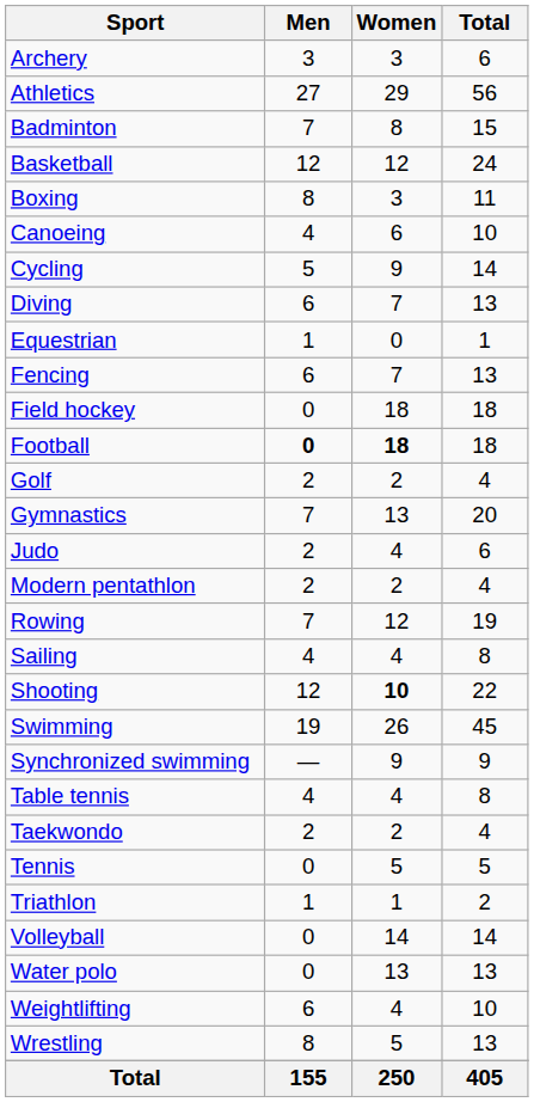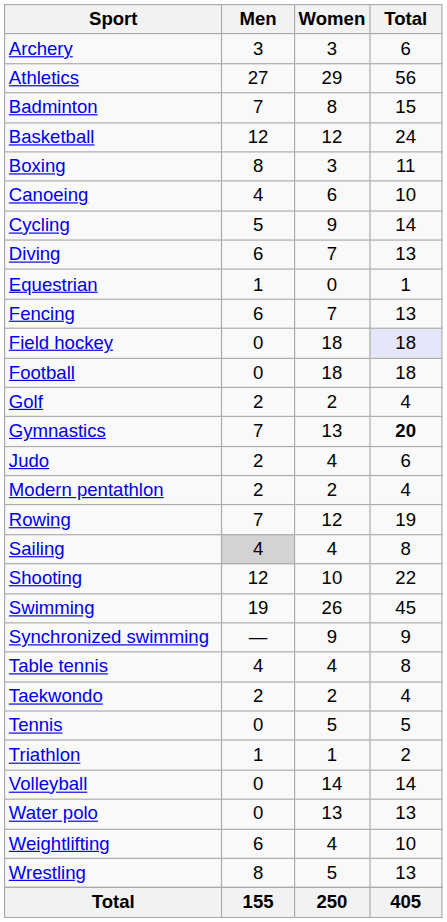 <table class="wikitable sortable" style="text-align:center;">
 <tr>
 <th width=180>Sport</th>
 <th width=55>Men</th>
 <th width=55>Women</th>
 <th width=55>Total</th>
 </tr>
 <tr>
 <td align=left><a href='#'>Archery</a></td>
 <td>3</td>
 <td>3</td>
 <td>6</td>
 </tr>
 <tr>
 <td align=left><a href='#'>Athletics</a></td>
 <td>27</td>
 <td>29</td>
 <td>56</td>
 </tr>
 <tr>
 <td align=left><a href='#'>Badminton</a></td>
 <td>7</td>
 <td>8</td>
 <td>15</td>
 </tr>
 <tr>
 <td align=left><a href='#'>Basketball</a></td>
 <td>12</td>
 <td>12</td>
 <td>24</td>
 </tr>
 <tr>
 <td align=left><a href='#'>Boxing</a></td>
 <td>8</td>
 <td>3</td>
 <td>11</td>
 </tr>
 <tr>
 <td align=left><a href='#'>Canoeing</a></td>
 <td>4</td>
 <td>6</td>
 <td>10</td>
 </tr>
 <tr>
 <td align=left><a href='#'>Cycling</a></td>
 <td>5</td>
 <td>9</td>
 <td>14</td>
 </tr>
 <tr>
 <td align=left><a href='#'>Diving</a></td>
 <td>6</td>
 <td>7</td>
 <td>13</td>
 </tr>
 <tr>
 <td align=left><a href='#'>Equestrian</a></td>
 <td>1</td>
 <td>0</td>
 <td>1</td>
 </tr>
 <tr>
 <td align=left><a href='#'>Fencing</a></td>
 <td>6</td>
 <td>7</td>
 <td>13</td>
 </tr>
 <tr>
 <td align=left><a href='#'>Field hockey</a></td>
 <td>0</td>
 <td>18</td>
-<td>18</td>
+<td style="background: lavender;">18</td>
 </tr>
 <tr>
 <td align=left><a href='#'>Football</a></td>
-<td><strong>0</strong></td>
-<td><strong>18</strong></td>
+<td>0</td>
+<td>18</td>
 <td>18</td>
 </tr>
 <tr>
 <td align=left><a href='#'>Golf</a></td>
 <td>2</td>
 <td>2</td>
 <td>4</td>
 </tr>
 <tr>
 <td align=left><a href='#'>Gymnastics</a></td>
 <td>7</td>
 <td>13</td>
-<td>20</td>
+<td><strong>20</strong></td>
 </tr>
 <tr>
 <td align=left><a href='#'>Judo</a></td>
 <td>2</td>
 <td>4</td>
 <td>6</td>
 </tr>
 <tr>
 <td align=left><a href='#'>Modern pentathlon</a></td>
 <td>2</td>
 <td>2</td>
 <td>4</td>
 </tr>
 <tr>
 <td align=left><a href='#'>Rowing</a></td>
 <td>7</td>
 <td>12</td>
 <td>19</td>
 </tr>
 <tr>
 <td align=left><a href='#'>Sailing</a></td>
-<td>4</td>
+<td style="background: lightgrey;">4</td>
 <td>4</td>
 <td>8</td>
 </tr>
 <tr>
 <td align=left><a href='#'>Shooting</a></td>
 <td>12</td>
-<td><strong>10</strong></td>
+<td>10</td>
 <td>22</td>
 </tr>
 <tr>
 <td align=left><a href='#'>Swimming</a></td>
 <td>19</td>
 <td>26</td>
 <td>45</td>
 </tr>
 <tr>
 <td align=left><a href='#'>Synchronized swimming</a></td>
 <td>—</td>
 <td>9</td>
 <td>9</td>
 </tr>
 <tr>
 <td align=left><a href='#'>Table tennis</a></td>
 <td>4</td>
 <td>4</td>
 <td>8</td>
 </tr>
 <tr>
 <td align=left><a href='#'>Taekwondo</a></td>
 <td>2</td>
 <td>2</td>
 <td>4</td>
 </tr>
 <tr>
 <td align=left><a href='#'>Tennis</a></td>
 <td>0</td>
 <td>5</td>
 <td>5</td>
 </tr>
 <tr>
 <td align=left><a href='#'>Triathlon</a></td>
 <td>1</td>
 <td>1</td>
 <td>2</td>
 </tr>
 <tr>
 <td align=left><a href='#'>Volleyball</a></td>
 <td>0</td>
 <td>14</td>
 <td>14</td>
 </tr>
 <tr>
 <td align=left><a href='#'>Water polo</a></td>
 <td>0</td>
 <td>13</td>
 <td>13</td>
 </tr>
 <tr>
 <td align=left><a href='#'>Weightlifting</a></td>
 <td>6</td>
 <td>4</td>
 <td>10</td>
 </tr>
 <tr>
 <td align=left><a href='#'>Wrestling</a></td>
 <td>8</td>
 <td>5</td>
 <td>13</td>
 </tr>
 <tr>
 </tr>
 <tr class="sortbottom">
 <th>Total</th>
 <th>155</th>
 <th>250</th>
 <th>405</th>
 </tr>
 </table>
